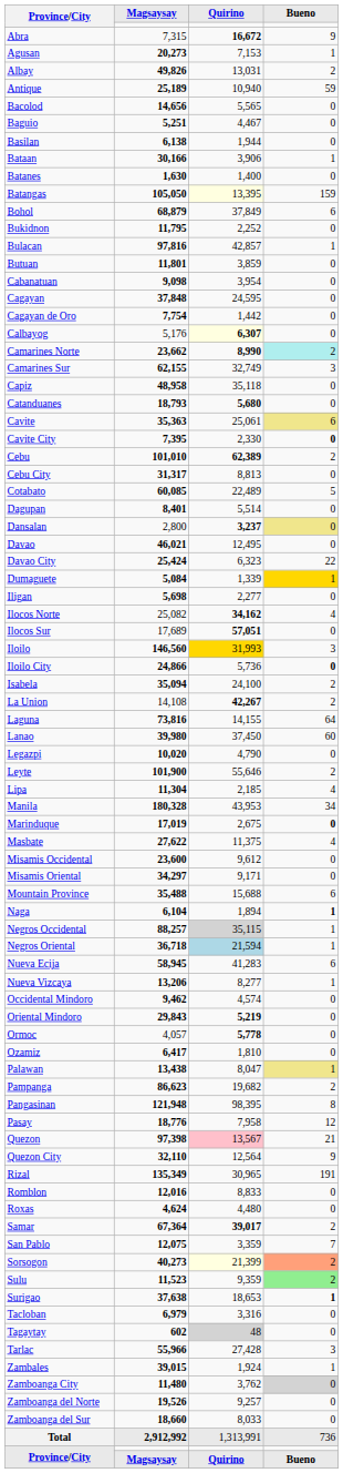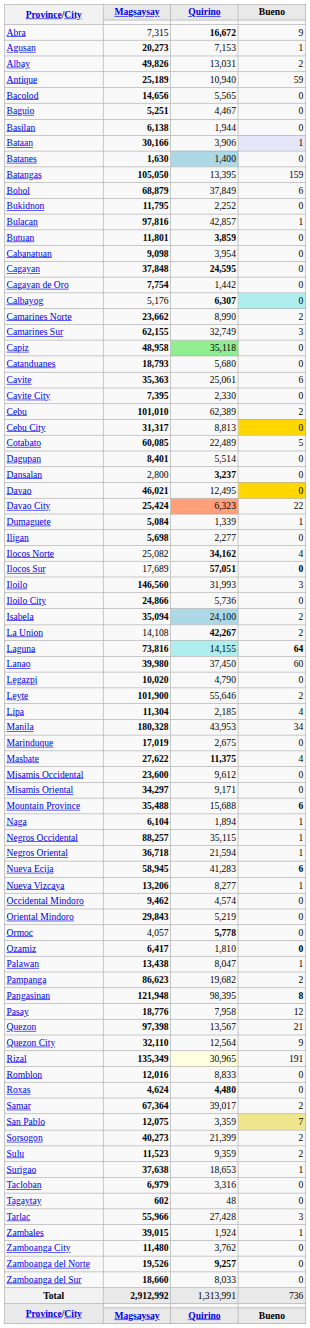 <table class="wikitable" style="text-align:right; font-size:95%">
 <tr>
 <th rowspan="2" align="left" width="150px"><a href='#'>Province</a>/<a href='#'>City</a></th>
 <th align="center" width="100px" style="background: #E9E9E9"><a href='#'>Magsaysay</a></th>
 <th align="center" width="100px" style="background: #E9E9E9"><a href='#'>Quirino</a></th>
 <th align="center" width="100px" style="background: #E9E9E9">Bueno</th>
 </tr>
 <tr>
 <td></td>
 <td></td>
 <td></td>
 </tr>
 <tr>
 <td align="left"><a href='#'>Abra</a></td>
 <td>7,315</td>
 <td><strong>16,672</strong></td>
 <td>9</td>
 </tr>
 <tr>
 <td align="left"><a href='#'>Agusan</a></td>
 <td><strong>20,273</strong></td>
 <td>7,153</td>
 <td>1</td>
 </tr>
 <tr>
 <td align="left"><a href='#'>Albay</a></td>
 <td><strong>49,826</strong></td>
 <td>13,031</td>
 <td>2</td>
 </tr>
 <tr>
 <td align="left"><a href='#'>Antique</a></td>
 <td><strong>25,189</strong></td>
 <td>10,940</td>
 <td>59</td>
 </tr>
 <tr>
 <td align="left"><a href='#'>Bacolod</a></td>
 <td><strong>14,656</strong></td>
 <td>5,565</td>
 <td>0</td>
 </tr>
 <tr>
 <td align="left"><a href='#'>Baguio</a></td>
 <td><strong>5,251</strong></td>
 <td>4,467</td>
 <td>0</td>
 </tr>
 <tr>
 <td align="left"><a href='#'>Basilan</a></td>
 <td><strong>6,138</strong></td>
 <td>1,944</td>
 <td>0</td>
 </tr>
 <tr>
 <td align="left"><a href='#'>Bataan</a></td>
 <td><strong>30,166</strong></td>
 <td>3,906</td>
-<td>1</td>
+<td style="background: lavender;">1</td>
 </tr>
 <tr>
 <td align="left"><a href='#'>Batanes</a></td>
 <td><strong>1,630</strong></td>
-<td>1,400</td>
+<td style="background: lightblue;">1,400</td>
 <td>0</td>
 </tr>
 <tr>
 <td align="left"><a href='#'>Batangas</a></td>
 <td><strong>105,050</strong></td>
-<td style="background: lightyellow;">13,395</td>
+<td>13,395</td>
 <td>159</td>
 </tr>
 <tr>
 <td align="left"><a href='#'>Bohol</a></td>
 <td><strong>68,879</strong></td>
 <td>37,849</td>
 <td>6</td>
 </tr>
 <tr>
 <td align="left"><a href='#'>Bukidnon</a></td>
 <td><strong>11,795</strong></td>
 <td>2,252</td>
 <td>0</td>
 </tr>
 <tr>
 <td align="left"><a href='#'>Bulacan</a></td>
 <td><strong>97,816</strong></td>
 <td>42,857</td>
 <td>1</td>
 </tr>
 <tr>
 <td align="left"><a href='#'>Butuan</a></td>
 <td><strong>11,801</strong></td>
-<td>3,859</td>
+<td><strong>3,859</strong></td>
 <td>0</td>
 </tr>
 <tr>
 <td align="left"><a href='#'>Cabanatuan</a></td>
 <td><strong>9,098</strong></td>
 <td>3,954</td>
 <td>0</td>
 </tr>
 <tr>
 <td align="left"><a href='#'>Cagayan</a></td>
 <td><strong>37,848</strong></td>
-<td>24,595</td>
+<td><strong>24,595</strong></td>
 <td>0</td>
 </tr>
 <tr>
 <td align="left"><a href='#'>Cagayan de Oro</a></td>
 <td><strong>7,754</strong></td>
 <td>1,442</td>
 <td>0</td>
 </tr>
 <tr>
 <td align="left"><a href='#'>Calbayog</a></td>
 <td>5,176</td>
-<td style="background: lightyellow;"><strong>6,307</strong></td>
-<td>0</td>
+<td><strong>6,307</strong></td>
+<td style="background: paleturquoise;">0</td>
 </tr>
 <tr>
 <td align="left"><a href='#'>Camarines Norte</a></td>
 <td><strong>23,662</strong></td>
-<td><strong>8,990</strong></td>
-<td style="background: paleturquoise;">2</td>
+<td>8,990</td>
+<td>2</td>
 </tr>
 <tr>
 <td align="left"><a href='#'>Camarines Sur</a></td>
 <td><strong>62,155</strong></td>
 <td>32,749</td>
 <td>3</td>
 </tr>
 <tr>
 <td align="left"><a href='#'>Capiz</a></td>
 <td><strong>48,958</strong></td>
-<td>35,118</td>
+<td style="background: lightgreen;">35,118</td>
 <td>0</td>
 </tr>
 <tr>
 <td align="left"><a href='#'>Catanduanes</a></td>
 <td><strong>18,793</strong></td>
-<td><strong>5,680</strong></td>
+<td>5,680</td>
 <td>0</td>
 </tr>
 <tr>
 <td align="left"><a href='#'>Cavite</a></td>
 <td><strong>35,363</strong></td>
 <td>25,061</td>
-<td style="background: khaki;">6</td>
+<td>6</td>
 </tr>
 <tr>
 <td align="left"><a href='#'>Cavite City</a></td>
 <td><strong>7,395</strong></td>
 <td>2,330</td>
-<td><strong>0</strong></td>
+<td>0</td>
 </tr>
 <tr>
 <td align="left"><a href='#'>Cebu</a></td>
 <td><strong>101,010</strong></td>
-<td><strong>62,389</strong></td>
+<td>62,389</td>
 <td>2</td>
 </tr>
 <tr>
 <td align="left"><a href='#'>Cebu City</a></td>
 <td><strong>31,317</strong></td>
 <td>8,813</td>
-<td>0</td>
+<td style="background: gold;">0</td>
 </tr>
 <tr>
 <td align="left"><a href='#'>Cotabato</a></td>
 <td><strong>60,085</strong></td>
 <td>22,489</td>
 <td>5</td>
 </tr>
 <tr>
 <td align="left"><a href='#'>Dagupan</a></td>
 <td><strong>8,401</strong></td>
 <td>5,514</td>
 <td>0</td>
 </tr>
 <tr>
 <td align="left"><a href='#'>Dansalan</a></td>
 <td>2,800</td>
 <td><strong>3,237</strong></td>
-<td style="background: khaki;">0</td>
+<td>0</td>
 </tr>
 <tr>
 <td align="left"><a href='#'>Davao</a></td>
 <td><strong>46,021</strong></td>
 <td>12,495</td>
-<td>0</td>
+<td style="background: gold;">0</td>
 </tr>
 <tr>
 <td align="left"><a href='#'>Davao City</a></td>
 <td><strong>25,424</strong></td>
-<td>6,323</td>
+<td style="background: lightsalmon;">6,323</td>
 <td>22</td>
 </tr>
 <tr>
 <td align="left"><a href='#'>Dumaguete</a></td>
 <td><strong>5,084</strong></td>
 <td>1,339</td>
-<td style="background: gold;">1</td>
+<td>1</td>
 </tr>
 <tr>
 <td align="left"><a href='#'>Iligan</a></td>
 <td><strong>5,698</strong></td>
 <td>2,277</td>
 <td>0</td>
 </tr>
 <tr>
 <td align="left"><a href='#'>Ilocos Norte</a></td>
 <td>25,082</td>
 <td><strong>34,162</strong></td>
 <td>4</td>
 </tr>
 <tr>
 <td align="left"><a href='#'>Ilocos Sur</a></td>
 <td>17,689</td>
 <td><strong>57,051</strong></td>
-<td>0</td>
+<td><strong>0</strong></td>
 </tr>
 <tr>
 <td align="left"><a href='#'>Iloilo</a></td>
 <td><strong>146,560</strong></td>
-<td style="background: gold;">31,993</td>
+<td>31,993</td>
 <td>3</td>
 </tr>
 <tr>
 <td align="left"><a href='#'>Iloilo City</a></td>
 <td><strong>24,866</strong></td>
 <td>5,736</td>
-<td><strong>0</strong></td>
+<td>0</td>
 </tr>
 <tr>
 <td align="left"><a href='#'>Isabela</a></td>
 <td><strong>35,094</strong></td>
-<td>24,100</td>
+<td style="background: lightblue;">24,100</td>
 <td>2</td>
 </tr>
 <tr>
 <td align="left"><a href='#'>La Union</a></td>
 <td>14,108</td>
 <td><strong>42,267</strong></td>
 <td>2</td>
 </tr>
 <tr>
 <td align="left"><a href='#'>Laguna</a></td>
 <td><strong>73,816</strong></td>
-<td>14,155</td>
-<td>64</td>
+<td style="background: paleturquoise;">14,155</td>
+<td><strong>64</strong></td>
 </tr>
 <tr>
 <td align="left"><a href='#'>Lanao</a></td>
 <td><strong>39,980</strong></td>
 <td>37,450</td>
 <td>60</td>
 </tr>
 <tr>
 <td align="left"><a href='#'>Legazpi</a></td>
 <td><strong>10,020</strong></td>
 <td>4,790</td>
 <td>0</td>
 </tr>
 <tr>
 <td align="left"><a href='#'>Leyte</a></td>
 <td><strong>101,900</strong></td>
 <td>55,646</td>
 <td>2</td>
 </tr>
 <tr>
 <td align="left"><a href='#'>Lipa</a></td>
 <td><strong>11,304</strong></td>
 <td>2,185</td>
 <td>4</td>
 </tr>
 <tr>
 <td align="left"><a href='#'>Manila</a></td>
 <td><strong>180,328</strong></td>
 <td>43,953</td>
 <td>34</td>
 </tr>
 <tr>
 <td align="left"><a href='#'>Marinduque</a></td>
 <td><strong>17,019</strong></td>
 <td>2,675</td>
-<td><strong>0</strong></td>
+<td>0</td>
 </tr>
 <tr>
 <td align="left"><a href='#'>Masbate</a></td>
 <td><strong>27,622</strong></td>
-<td>11,375</td>
+<td><strong>11,375</strong></td>
 <td>4</td>
 </tr>
 <tr>
 <td align="left"><a href='#'>Misamis Occidental</a></td>
 <td><strong>23,600</strong></td>
 <td>9,612</td>
 <td>0</td>
 </tr>
 <tr>
 <td align="left"><a href='#'>Misamis Oriental</a></td>
 <td><strong>34,297</strong></td>
 <td>9,171</td>
 <td>0</td>
 </tr>
 <tr>
 <td align="left"><a href='#'>Mountain Province</a></td>
 <td><strong>35,488</strong></td>
 <td>15,688</td>
-<td>6</td>
+<td><strong>6</strong></td>
 </tr>
 <tr>
 <td align="left"><a href='#'>Naga</a></td>
 <td><strong>6,104</strong></td>
 <td>1,894</td>
-<td><strong>1</strong></td>
+<td>1</td>
 </tr>
 <tr>
 <td align="left"><a href='#'>Negros Occidental</a></td>
 <td><strong>88,257</strong></td>
-<td style="background: lightgrey;">35,115</td>
+<td>35,115</td>
 <td>1</td>
 </tr>
 <tr>
 <td align="left"><a href='#'>Negros Oriental</a></td>
 <td><strong>36,718</strong></td>
-<td style="background: lightblue;">21,594</td>
+<td>21,594</td>
 <td>1</td>
 </tr>
 <tr>
 <td align="left"><a href='#'>Nueva Ecija</a></td>
 <td><strong>58,945</strong></td>
 <td>41,283</td>
-<td>6</td>
+<td><strong>6</strong></td>
 </tr>
 <tr>
 <td align="left"><a href='#'>Nueva Vizcaya</a></td>
 <td><strong>13,206</strong></td>
 <td>8,277</td>
 <td>1</td>
 </tr>
 <tr>
 <td align="left"><a href='#'>Occidental Mindoro</a></td>
 <td><strong>9,462</strong></td>
 <td>4,574</td>
 <td>0</td>
 </tr>
 <tr>
 <td align="left"><a href='#'>Oriental Mindoro</a></td>
 <td><strong>29,843</strong></td>
-<td><strong>5,219</strong></td>
+<td>5,219</td>
 <td>0</td>
 </tr>
 <tr>
 <td align="left"><a href='#'>Ormoc</a></td>
 <td>4,057</td>
 <td><strong>5,778</strong></td>
 <td>0</td>
 </tr>
 <tr>
 <td align="left"><a href='#'>Ozamiz</a></td>
 <td><strong>6,417</strong></td>
 <td>1,810</td>
-<td>0</td>
+<td><strong>0</strong></td>
 </tr>
 <tr>
 <td align="left"><a href='#'>Palawan</a></td>
 <td><strong>13,438</strong></td>
 <td>8,047</td>
-<td style="background: khaki;">1</td>
+<td>1</td>
 </tr>
 <tr>
 <td align="left"><a href='#'>Pampanga</a></td>
 <td><strong>86,623</strong></td>
 <td>19,682</td>
 <td>2</td>
 </tr>
 <tr>
 <td align="left"><a href='#'>Pangasinan</a></td>
 <td><strong>121,948</strong></td>
 <td>98,395</td>
-<td>8</td>
+<td><strong>8</strong></td>
 </tr>
 <tr>
 <td align="left"><a href='#'>Pasay</a></td>
 <td><strong>18,776</strong></td>
 <td>7,958</td>
 <td>12</td>
 </tr>
 <tr>
 <td align="left"><a href='#'>Quezon</a></td>
 <td><strong>97,398</strong></td>
-<td style="background: pink;">13,567</td>
+<td>13,567</td>
 <td>21</td>
 </tr>
 <tr>
 <td align="left"><a href='#'>Quezon City</a></td>
 <td><strong>32,110</strong></td>
 <td>12,564</td>
 <td>9</td>
 </tr>
 <tr>
 <td align="left"><a href='#'>Rizal</a></td>
 <td><strong>135,349</strong></td>
-<td>30,965</td>
+<td style="background: lightyellow;">30,965</td>
 <td>191</td>
 </tr>
 <tr>
 <td align="left"><a href='#'>Romblon</a></td>
 <td><strong>12,016</strong></td>
 <td>8,833</td>
 <td>0</td>
 </tr>
 <tr>
 <td align="left"><a href='#'>Roxas</a></td>
 <td><strong>4,624</strong></td>
-<td>4,480</td>
+<td><strong>4,480</strong></td>
 <td>0</td>
 </tr>
 <tr>
 <td align="left"><a href='#'>Samar</a></td>
 <td><strong>67,364</strong></td>
-<td><strong>39,017</strong></td>
+<td>39,017</td>
 <td>2</td>
 </tr>
 <tr>
 <td align="left"><a href='#'>San Pablo</a></td>
 <td><strong>12,075</strong></td>
 <td>3,359</td>
-<td>7</td>
+<td style="background: khaki;">7</td>
 </tr>
 <tr>
 <td align="left"><a href='#'>Sorsogon</a></td>
 <td><strong>40,273</strong></td>
-<td style="background: lightyellow;">21,399</td>
-<td style="background: lightsalmon;">2</td>
+<td>21,399</td>
+<td>2</td>
 </tr>
 <tr>
 <td align="left"><a href='#'>Sulu</a></td>
 <td><strong>11,523</strong></td>
 <td>9,359</td>
-<td style="background: lightgreen;">2</td>
+<td>2</td>
 </tr>
 <tr>
 <td align="left"><a href='#'>Surigao</a></td>
 <td><strong>37,638</strong></td>
 <td>18,653</td>
-<td><strong>1</strong></td>
+<td>1</td>
 </tr>
 <tr>
 <td align="left"><a href='#'>Tacloban</a></td>
 <td><strong>6,979</strong></td>
 <td>3,316</td>
 <td>0</td>
 </tr>
 <tr>
 <td align="left"><a href='#'>Tagaytay</a></td>
 <td><strong>602</strong></td>
-<td style="background: lightgrey;">48</td>
+<td>48</td>
 <td>0</td>
 </tr>
 <tr>
 <td align="left"><a href='#'>Tarlac</a></td>
 <td><strong>55,966</strong></td>
 <td>27,428</td>
 <td>3</td>
 </tr>
 <tr>
 <td align="left"><a href='#'>Zambales</a></td>
 <td><strong>39,015</strong></td>
 <td>1,924</td>
 <td>1</td>
 </tr>
 <tr>
 <td align="left"><a href='#'>Zamboanga City</a></td>
 <td><strong>11,480</strong></td>
 <td>3,762</td>
-<td style="background: lightgrey;">0</td>
+<td>0</td>
 </tr>
 <tr>
 <td align="left"><a href='#'>Zamboanga del Norte</a></td>
 <td><strong>19,526</strong></td>
-<td>9,257</td>
+<td><strong>9,257</strong></td>
 <td>0</td>
 </tr>
 <tr>
 <td align="left"><a href='#'>Zamboanga del Sur</a></td>
 <td><strong>18,660</strong></td>
 <td>8,033</td>
 <td>0</td>
 </tr>
 <tr style="background:#E9E9E9">
 <th><strong>Total</strong></th>
 <td><strong>2,912,992</strong></td>
 <td>1,313,991</td>
 <td>736</td>
 </tr>
 <tr>
 <th rowspan="2" width="150px" align="left" style="background: #E9E9E9"><a href='#'>Province</a>/<a href='#'>City</a></th>
 <td></td>
 <td></td>
 <td></td>
 </tr>
 <tr bgcolor="#cccccc">
 <th width="100px" align="center" style="background: #E9E9E9"><a href='#'>Magsaysay</a></th>
 <th width="100px" align="center" style="background: #E9E9E9"><a href='#'>Quirino</a></th>
 <th width="100px" align="center" style="background: #E9E9E9">Bueno</th>
 </tr>
 </table>
